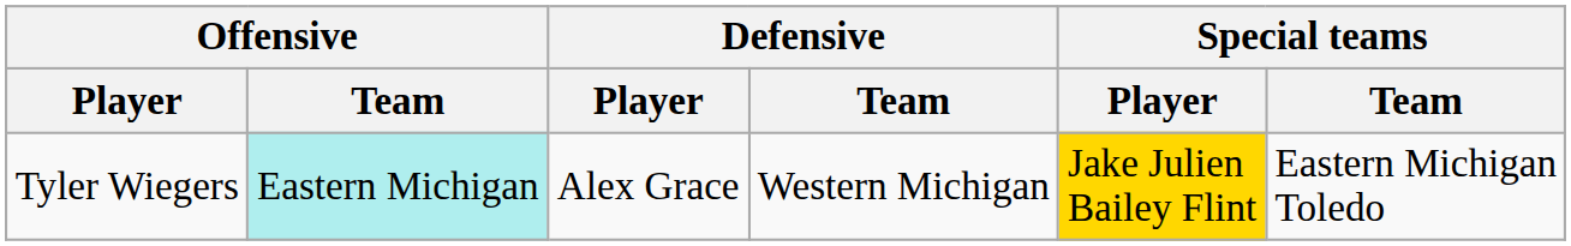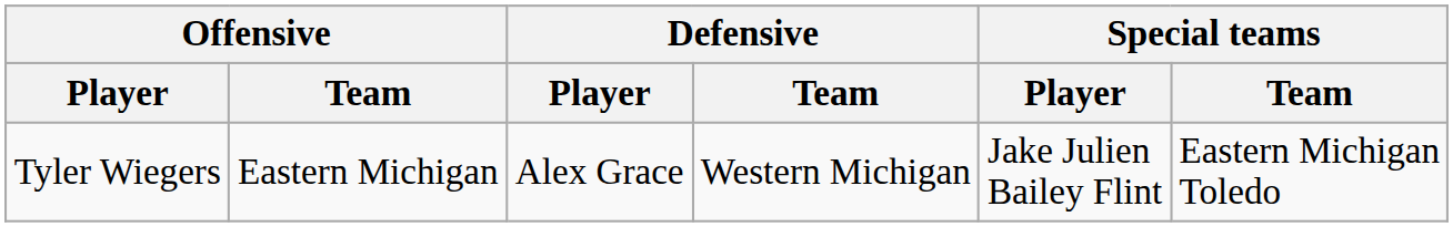 <table class="wikitable" style="display: inline-table;">
 <tr>
 <th colspan="2">Offensive</th>
 <th colspan="2">Defensive</th>
 <th colspan="2">Special teams</th>
 </tr>
 <tr>
 <th>Player</th>
 <th>Team</th>
 <th>Player</th>
 <th>Team</th>
 <th>Player</th>
 <th>Team</th>
 </tr>
 <tr>
 <td>Tyler Wiegers</td>
-<td style="background: paleturquoise;">Eastern Michigan</td>
+<td>Eastern Michigan</td>
 <td>Alex Grace</td>
 <td>Western Michigan</td>
-<td style="background: gold;">Jake Julien<br>Bailey Flint</td>
+<td>Jake Julien<br>Bailey Flint</td>
 <td>Eastern Michigan<br>Toledo</td>
 </tr>
 </table>
